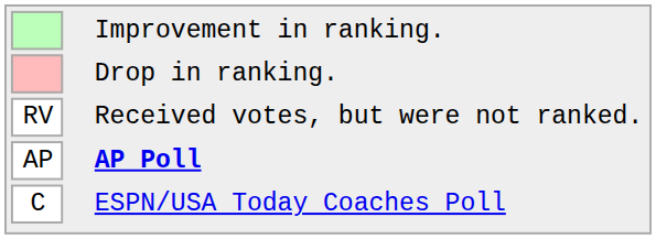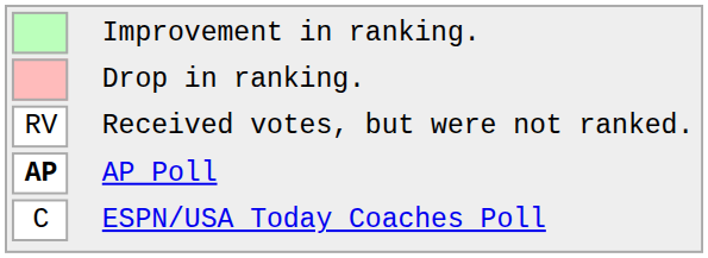 <table align=right style="font-size:90%; border:1px solid #aaaaaa; white-space:nowrap; background:#eeeeee;">
 <tr>
 <td style="background:#BBFFBB; width:20px; border:1px solid #aaaaaa;"> </td>
 <td rowspan=5> </td>
 <td>Improvement in ranking.</td>
 </tr>
 <tr>
 <td style="background:#FFBBBB; width:20px; border:1px solid #aaaaaa;"> </td>
 <td>Drop in ranking.</td>
 </tr>
 <tr>
 <td align=center style="width:20px; border:1px solid #aaaaaa; background:white;">RV</td>
 <td>Received votes, but were not ranked.</td>
 </tr>
 <tr>
-<td align=center style="width:20px; border:1px solid #aaaaaa; background:white;">AP</td>
-<td><strong><a href='#'>AP Poll</a></strong></td>
+<td align=center style="width:20px; border:1px solid #aaaaaa; background:white;"><strong>AP</strong></td>
+<td><a href='#'>AP Poll</a></td>
 </tr>
 <tr>
 <td align=center style="width:20px; border:1px solid #aaaaaa; background:white;">C</td>
 <td><a href='#'>ESPN/USA Today Coaches Poll</a></td>
 </tr>
 <tr>
 </tr>
 </table>
